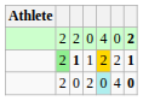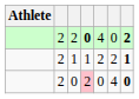 <table class=wikitable style="text-align:center">
 <tr>
 <th>Athlete</th>
 <th></th>
 <th></th>
 <th></th>
 <th></th>
 <th></th>
 <th></th>
 </tr>
 <tr bgcolor=ccffcc>
 <td style="text-align:left"></td>
 <td>2</td>
 <td>2</td>
-<td>0</td>
+<td><strong>0</strong></td>
 <td>4</td>
 <td>0</td>
 <td><strong>2</strong></td>
 </tr>
 <tr>
 <td style="text-align:left"></td>
-<td style="background: lightgreen;">2</td>
-<td><strong>1</strong></td>
+<td>2</td>
 <td>1</td>
-<td style="background: gold;">2</td>
+<td>1</td>
+<td>2</td>
 <td>2</td>
 <td><strong>1</strong></td>
 </tr>
 <tr>
 <td style="text-align:left"></td>
 <td>2</td>
 <td>0</td>
-<td>2</td>
-<td style="background: paleturquoise;">0</td>
+<td style="background: pink;">2</td>
+<td>0</td>
 <td>4</td>
 <td><strong>0</strong></td>
 </tr>
 </table>
